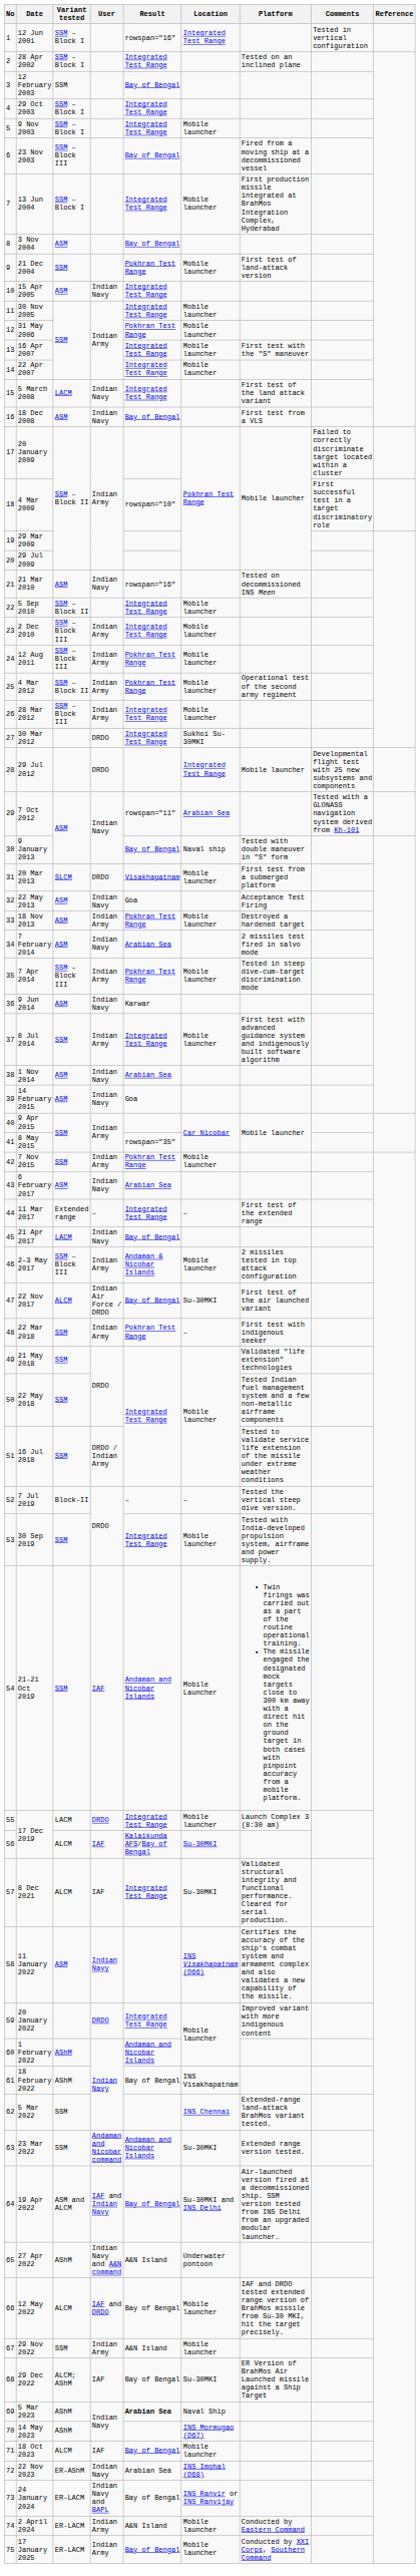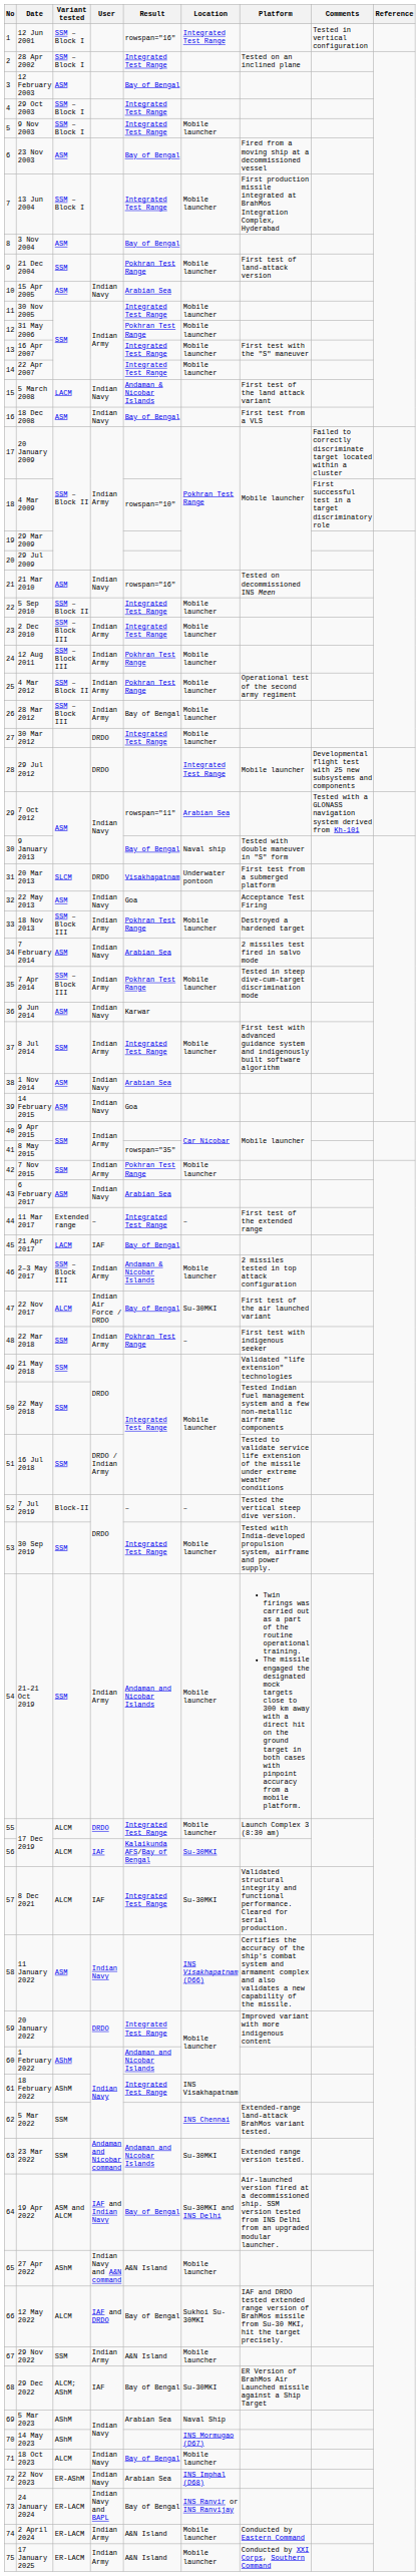 <table class="wikitable collapsible autocollapse">
 <tr>
 <th>No</th>
 <th style=width:7em>Date</th>
 <th style=width:7em>Variant tested</th>
 <th>User</th>
 <th>Result</th>
 <th>Location</th>
 <th>Platform</th>
 <th>Comments</th>
 <th>Reference</th>
 </tr>
 <tr>
 <td>1</td>
 <td>12 Jun 2001</td>
 <td><a href='#'>SSM</a> – Block I</td>
 <td></td>
 <td>rowspan="16" </td>
 <td><a href='#'>Integrated Test Range</a></td>
 <td></td>
 <td>Tested in vertical configuration</td>
 <td></td>
 </tr>
 <tr>
 <td>2</td>
 <td>28 Apr 2002</td>
 <td><a href='#'>SSM</a> – Block I</td>
 <td></td>
 <td><a href='#'>Integrated Test Range</a></td>
 <td></td>
 <td>Tested on an inclined plane</td>
 <td></td>
 </tr>
 <tr>
 <td>3</td>
 <td>12 February 2003</td>
-<td>SSM</td>
+<td><a href='#'>ASM</a></td>
 <td></td>
 <td><a href='#'>Bay of Bengal</a></td>
 <td></td>
 <td></td>
 <td></td>
 </tr>
 <tr>
 <td>4</td>
 <td>29 Oct 2003</td>
 <td><a href='#'>SSM</a> – Block I</td>
 <td></td>
 <td><a href='#'>Integrated Test Range</a></td>
 <td></td>
 <td></td>
 <td></td>
 </tr>
 <tr>
 <td>5</td>
 <td>9 Nov 2003</td>
 <td><a href='#'>SSM</a> – Block I</td>
 <td></td>
 <td><a href='#'>Integrated Test Range</a></td>
 <td>Mobile launcher</td>
 <td></td>
 <td></td>
 </tr>
 <tr>
 <td>6</td>
 <td>23 Nov 2003</td>
-<td><a href='#'>SSM</a> – Block III</td>
+<td><a href='#'>ASM</a></td>
 <td></td>
 <td><a href='#'>Bay of Bengal</a></td>
 <td></td>
 <td>Fired from a moving ship at a decommissioned vessel</td>
 <td></td>
 </tr>
 <tr>
 <td>7</td>
 <td>13 Jun 2004</td>
 <td><a href='#'>SSM</a> – Block I</td>
 <td></td>
 <td><a href='#'>Integrated Test Range</a></td>
 <td>Mobile launcher</td>
 <td>First production missile integrated at BrahMos Integration Complex, Hyderabad</td>
 <td></td>
 </tr>
 <tr>
 <td>8</td>
 <td>3 Nov 2004</td>
 <td><a href='#'>ASM</a></td>
 <td></td>
 <td><a href='#'>Bay of Bengal</a></td>
 <td></td>
 <td></td>
 <td></td>
 </tr>
 <tr>
 <td>9</td>
 <td>21 Dec 2004</td>
 <td><a href='#'>SSM</a></td>
 <td></td>
 <td><a href='#'>Pokhran Test Range</a></td>
 <td>Mobile launcher</td>
 <td>First test of land-attack version</td>
 <td></td>
 </tr>
 <tr>
 <td>10</td>
 <td>15 Apr 2005</td>
 <td><a href='#'>ASM</a></td>
 <td>Indian Navy</td>
-<td><a href='#'>Integrated Test Range</a></td>
+<td><a href='#'>Arabian Sea</a></td>
 <td></td>
 <td></td>
 <td></td>
 </tr>
 <tr>
 <td>11</td>
 <td>30 Nov 2005</td>
 <td rowspan="4"><a href='#'>SSM</a></td>
 <td rowspan="4">Indian Army</td>
 <td><a href='#'>Integrated Test Range</a></td>
 <td>Mobile launcher</td>
 <td></td>
 <td></td>
 </tr>
 <tr>
 <td>12</td>
 <td>31 May 2006</td>
 <td><a href='#'>Pokhran Test Range</a></td>
 <td>Mobile launcher</td>
 <td></td>
 <td></td>
 </tr>
 <tr>
 <td>13</td>
 <td>16 Apr 2007</td>
 <td><a href='#'>Integrated Test Range</a></td>
 <td>Mobile launcher</td>
 <td>First test with the "S" maneuver</td>
 <td></td>
 </tr>
 <tr>
 <td>14</td>
 <td>22 Apr 2007</td>
 <td><a href='#'>Integrated Test Range</a></td>
 <td>Mobile launcher</td>
 <td></td>
 <td></td>
 </tr>
 <tr>
 <td>15</td>
 <td>5 March 2008</td>
 <td><a href='#'>LACM</a></td>
 <td>Indian Navy</td>
-<td><a href='#'>Integrated Test Range</a></td>
+<td><a href='#'>Andaman & Nicobar Islands</a></td>
 <td></td>
 <td>First test of the land attack variant</td>
 <td></td>
 </tr>
 <tr>
 <td>16</td>
 <td>18 Dec 2008</td>
 <td><a href='#'>ASM</a></td>
 <td>Indian Navy</td>
 <td><a href='#'>Bay of Bengal</a></td>
 <td></td>
 <td>First test from a VLS</td>
 <td></td>
 </tr>
 <tr>
 <td>17</td>
 <td>20 January 2009</td>
 <td rowspan="4"><a href='#'>SSM</a> – Block II</td>
 <td rowspan="4">Indian Army</td>
 <td></td>
 <td rowspan="4"><a href='#'>Pokhran Test Range</a></td>
 <td rowspan="4">Mobile launcher</td>
 <td>Failed to correctly discriminate target located within a cluster</td>
 <td></td>
 </tr>
 <tr>
 <td>18</td>
 <td>4 Mar 2009</td>
 <td>rowspan="10" </td>
 <td>First successful test in a target discriminatory role</td>
 <td></td>
 </tr>
 <tr>
 <td>19</td>
 <td>29 Mar 2009</td>
 <td></td>
 <td></td>
 </tr>
 <tr>
 <td>20</td>
 <td>29 Jul 2009</td>
 <td></td>
 <td></td>
 </tr>
 <tr>
 <td>21</td>
 <td>21 Mar 2010</td>
 <td><a href='#'>ASM</a></td>
 <td>Indian Navy</td>
 <td>rowspan="16" </td>
 <td></td>
 <td>Tested on decommissioned INS <em>Meen</em></td>
 <td></td>
 </tr>
 <tr>
 <td>22</td>
 <td>5 Sep 2010</td>
 <td><a href='#'>SSM</a> – Block II</td>
 <td></td>
 <td><a href='#'>Integrated Test Range</a></td>
 <td>Mobile launcher</td>
 <td></td>
 <td></td>
 </tr>
 <tr>
 <td>23</td>
 <td>2 Dec 2010</td>
 <td><a href='#'>SSM</a> – Block III</td>
 <td>Indian Army</td>
 <td><a href='#'>Integrated Test Range</a></td>
 <td>Mobile launcher</td>
 <td></td>
 <td></td>
 </tr>
 <tr>
 <td>24</td>
 <td>12 Aug 2011</td>
 <td><a href='#'>SSM</a> – Block III</td>
 <td>Indian Army</td>
 <td><a href='#'>Pokhran Test Range</a></td>
 <td>Mobile launcher</td>
 <td></td>
 <td></td>
 </tr>
 <tr>
 <td>25</td>
 <td>4 Mar 2012</td>
 <td><a href='#'>SSM</a> – Block II</td>
 <td>Indian Army</td>
 <td><a href='#'>Pokhran Test Range</a></td>
 <td>Mobile launcher</td>
 <td>Operational test of the second army regiment</td>
 <td></td>
 </tr>
 <tr>
 <td>26</td>
 <td>28 Mar 2012</td>
 <td><a href='#'>SSM</a> – Block III</td>
 <td>Indian Army</td>
-<td><a href='#'>Integrated Test Range</a></td>
+<td>Bay of Bengal</td>
 <td>Mobile launcher</td>
 <td></td>
 <td></td>
 </tr>
 <tr>
 <td>27</td>
 <td>30 Mar 2012</td>
 <td></td>
 <td>DRDO</td>
 <td><a href='#'>Integrated Test Range</a></td>
-<td>Sukhoi Su-30MKI</td>
+<td>Mobile launcher</td>
 <td></td>
 <td></td>
 </tr>
 <tr>
 <td>28</td>
 <td>29 Jul 2012</td>
 <td></td>
 <td>DRDO</td>
 <td></td>
 <td><a href='#'>Integrated Test Range</a></td>
 <td>Mobile launcher</td>
 <td>Developmental flight test with 25 new subsystems and components</td>
 <td></td>
 </tr>
 <tr>
 <td>29</td>
 <td>7 Oct 2012</td>
 <td rowspan="2"><a href='#'>ASM</a></td>
 <td rowspan="2">Indian Navy</td>
 <td>rowspan="11" </td>
 <td><a href='#'>Arabian Sea</a></td>
 <td></td>
 <td>Tested with a GLONASS navigation system derived from <a href='#'>Kh-101</a></td>
 <td></td>
 </tr>
 <tr>
 <td>30</td>
 <td>9 January 2013</td>
 <td><a href='#'>Bay of Bengal</a></td>
 <td>Naval ship</td>
 <td>Tested with double maneuver in "S" form</td>
 <td></td>
 </tr>
 <tr>
 <td>31</td>
 <td>20 Mar 2013</td>
 <td><a href='#'>SLCM</a></td>
 <td>DRDO</td>
 <td><a href='#'>Visakhapatnam</a></td>
-<td>Mobile launcher</td>
+<td>Underwater pontoon</td>
 <td>First test from a submerged platform</td>
 <td></td>
 </tr>
 <tr>
 <td>32</td>
 <td>22 May 2013</td>
 <td><a href='#'>ASM</a></td>
 <td>Indian Navy</td>
 <td>Goa</td>
 <td></td>
 <td>Acceptance Test Firing</td>
 <td></td>
 </tr>
 <tr>
 <td>33</td>
 <td>18 Nov 2013</td>
-<td><a href='#'>ASM</a></td>
+<td><a href='#'>SSM</a> – Block III</td>
 <td>Indian Army</td>
 <td><a href='#'>Pokhran Test Range</a></td>
 <td>Mobile launcher</td>
 <td>Destroyed a hardened target</td>
 <td></td>
 </tr>
 <tr>
 <td>34</td>
 <td>7 February 2014</td>
 <td><a href='#'>ASM</a></td>
 <td>Indian Navy</td>
 <td><a href='#'>Arabian Sea</a></td>
 <td></td>
 <td>2 missiles test fired in salvo mode</td>
 <td></td>
 </tr>
 <tr>
 <td>35</td>
 <td>7 Apr 2014</td>
 <td><a href='#'>SSM</a> – Block III</td>
 <td>Indian Army</td>
 <td><a href='#'>Pokhran Test Range</a></td>
 <td>Mobile launcher</td>
 <td>Tested in steep dive-cum-target discrimination mode</td>
 <td></td>
 </tr>
 <tr>
 <td>36</td>
 <td>9 Jun 2014</td>
 <td><a href='#'>ASM</a></td>
 <td>Indian Navy</td>
 <td>Karwar</td>
 <td></td>
 <td></td>
 <td></td>
 </tr>
 <tr>
 <td>37</td>
 <td>8 Jul 2014</td>
 <td><a href='#'>SSM</a></td>
 <td>Indian Army</td>
 <td><a href='#'>Integrated Test Range</a></td>
 <td>Mobile launcher</td>
 <td>First test with advanced guidance system and indigenously built software algorithm</td>
 <td></td>
 </tr>
 <tr>
 <td>38</td>
 <td>1 Nov 2014</td>
 <td><a href='#'>ASM</a></td>
 <td>Indian Navy</td>
 <td><a href='#'>Arabian Sea</a></td>
 <td></td>
 <td></td>
 <td></td>
 </tr>
 <tr>
 <td>39</td>
 <td>14 February 2015</td>
 <td><a href='#'>ASM</a></td>
 <td>Indian Navy</td>
 <td>Goa</td>
 <td></td>
 <td></td>
 <td></td>
 </tr>
 <tr>
 <td>40</td>
 <td>9 Apr 2015</td>
 <td rowspan="2"><a href='#'>SSM</a></td>
 <td rowspan="2">Indian Army</td>
 <td></td>
 <td rowspan="2"><a href='#'>Car Nicobar</a></td>
 <td rowspan="2">Mobile launcher</td>
 <td></td>
 <td rowspan="2"></td>
 </tr>
 <tr>
 <td>41</td>
 <td>8 May 2015</td>
 <td>rowspan="35" </td>
 <td></td>
 </tr>
 <tr>
 <td>42</td>
 <td>7 Nov 2015</td>
 <td><a href='#'>SSM</a></td>
 <td>Indian Army</td>
 <td><a href='#'>Pokhran Test Range</a></td>
 <td>Mobile launcher</td>
 <td></td>
 <td></td>
 </tr>
 <tr>
 <td>43</td>
 <td>6 February 2017</td>
 <td><a href='#'>ASM</a></td>
 <td>Indian Navy</td>
 <td><a href='#'>Arabian Sea</a></td>
 <td></td>
 <td></td>
 <td></td>
 </tr>
 <tr>
 <td>44</td>
 <td>11 Mar 2017</td>
 <td>Extended range</td>
 <td>–</td>
 <td><a href='#'>Integrated Test Range</a></td>
 <td>–</td>
 <td>First test of the extended range</td>
 <td></td>
 </tr>
 <tr>
 <td>45</td>
 <td>21 Apr 2017</td>
 <td><a href='#'>LACM</a></td>
-<td>Indian Navy</td>
+<td>IAF</td>
 <td><a href='#'>Bay of Bengal</a></td>
 <td></td>
 <td></td>
 <td></td>
 </tr>
 <tr>
 <td>46</td>
 <td>2–3 May 2017</td>
 <td><a href='#'>SSM</a> – Block III</td>
 <td>Indian Army</td>
 <td><a href='#'>Andaman & Nicobar Islands</a></td>
 <td>Mobile launcher</td>
 <td>2 missiles tested in top attack configuration</td>
 <td></td>
 </tr>
 <tr>
 <td>47</td>
 <td>22 Nov 2017</td>
 <td><a href='#'>ALCM</a></td>
 <td>Indian Air Force / DRDO</td>
 <td><a href='#'>Bay of Bengal</a></td>
 <td>Su-30MKI</td>
 <td>First test of the air launched variant</td>
 <td></td>
 </tr>
 <tr>
 <td>48</td>
 <td>22 Mar 2018</td>
 <td><a href='#'>SSM</a></td>
 <td>Indian Army</td>
 <td><a href='#'>Pokhran Test Range</a></td>
 <td>–</td>
 <td>First test with indigenous seeker</td>
 <td></td>
 </tr>
 <tr>
 <td>49</td>
 <td>21 May 2018</td>
 <td><a href='#'>SSM</a></td>
 <td rowspan="2">DRDO</td>
 <td rowspan="3"><a href='#'>Integrated Test Range</a></td>
 <td rowspan="3">Mobile launcher</td>
 <td>Validated "life extension" technologies</td>
 <td></td>
 </tr>
 <tr>
 <td>50</td>
 <td>22 May 2018</td>
 <td><a href='#'>SSM</a></td>
 <td>Tested Indian fuel management system and a few non-metallic airframe components</td>
 <td></td>
 </tr>
 <tr>
 <td>51</td>
 <td>16 Jul 2018</td>
 <td><a href='#'>SSM</a></td>
 <td>DRDO / Indian Army</td>
 <td>Tested to validate service life extension of the missile under extreme weather conditions</td>
 <td></td>
 </tr>
 <tr>
 <td>52</td>
 <td>7 Jul 2019</td>
 <td>Block-II</td>
 <td rowspan="2">DRDO</td>
 <td>–</td>
 <td>–</td>
 <td>Tested the vertical steep dive version.</td>
 <td></td>
 </tr>
 <tr>
 <td>53</td>
 <td>30 Sep 2019</td>
 <td><a href='#'>SSM</a></td>
 <td><a href='#'>Integrated Test Range</a></td>
 <td>Mobile launcher</td>
 <td>Tested with India-developed propulsion system, airframe and power supply.</td>
 <td></td>
 </tr>
 <tr>
 <td>54</td>
 <td>21-21 Oct<br>2019</td>
 <td><a href='#'>SSM</a></td>
-<td><a href='#'>IAF</a></td>
+<td>Indian Army</td>
 <td><a href='#'>Andaman and Nicobar Islands</a></td>
-<td>Mobile Launcher</td>
+<td>Mobile launcher</td>
 <td><br><ul><li>Twin firings was carried out as a part of the routine operational training.</li><li>The missile engaged the designated mock targets close to 300 km away with a direct hit on the ground target in both cases with pinpoint accuracy from a mobile platform.</li></ul></td>
 <td></td>
 </tr>
 <tr>
 <td>55</td>
 <td rowspan="2">17 Dec 2019</td>
-<td>LACM</td>
+<td>ALCM</td>
 <td><a href='#'>DRDO</a></td>
 <td><a href='#'>Integrated Test Range</a></td>
 <td>Mobile launcher</td>
 <td>Launch Complex 3 (8:30 am)</td>
 <td rowspan="2"></td>
 </tr>
 <tr>
 <td>56</td>
 <td>ALCM</td>
 <td><a href='#'>IAF</a></td>
 <td><a href='#'>Kalaikunda AFS</a>/<a href='#'>Bay of Bengal</a></td>
 <td><a href='#'>Su-30MKI</a></td>
 <td></td>
 </tr>
 <tr>
 <td>57</td>
 <td>8 Dec 2021</td>
 <td>ALCM</td>
 <td>IAF</td>
 <td><a href='#'>Integrated Test Range</a></td>
 <td>Su-30MKI</td>
 <td>Validated structural integrity and functional performance. Cleared for serial production.</td>
 <td></td>
 </tr>
 <tr>
 <td>58</td>
 <td>11 January 2022</td>
 <td><a href='#'>ASM</a></td>
 <td><a href='#'>Indian Navy</a></td>
 <td></td>
 <td><a href='#'>INS <em>Visakhapatnam</em> (D66)</a></td>
 <td>Certifies the accuracy of the ship's combat system and armament complex and also validates a new capability of the missile.</td>
 <td></td>
 </tr>
 <tr>
 <td>59</td>
 <td>20 January 2022</td>
 <td></td>
 <td><a href='#'>DRDO</a></td>
 <td><a href='#'>Integrated Test Range</a></td>
 <td rowspan="2">Mobile launcher</td>
 <td>Improved variant with more indigenous content</td>
 <td></td>
 </tr>
 <tr>
 <td>60</td>
 <td>1 February 2022</td>
 <td><a href='#'>AShM</a></td>
 <td rowspan="3"><a href='#'>Indian Navy</a></td>
 <td><a href='#'>Andaman and Nicobar Islands</a></td>
 <td></td>
 <td></td>
 </tr>
 <tr>
 <td>61</td>
 <td>18 February 2022</td>
 <td>AShM</td>
-<td>Bay of Bengal</td>
+<td><a href='#'>Integrated Test Range</a></td>
 <td>INS Visakhapatnam</td>
 <td></td>
 <td></td>
 </tr>
 <tr>
 <td>62</td>
 <td>5 Mar 2022</td>
 <td>SSM</td>
 <td></td>
 <td><a href='#'>INS Chennai</a></td>
 <td>Extended-range land-attack BrahMos variant tested.</td>
 <td></td>
 </tr>
 <tr>
 <td>63</td>
 <td>23 Mar 2022</td>
 <td>SSM</td>
 <td><a href='#'>Andaman and Nicobar command</a></td>
 <td><a href='#'>Andaman and Nicobar Islands</a></td>
 <td>Su-30MKI</td>
 <td>Extended range version tested.</td>
 <td></td>
 </tr>
 <tr>
 <td>64</td>
 <td>19 Apr 2022</td>
 <td>ASM and ALCM</td>
 <td><a href='#'>IAF</a> and <a href='#'>Indian Navy</a></td>
 <td><a href='#'>Bay of Bengal</a></td>
 <td>Su-30MKI and <a href='#'>INS Delhi</a></td>
 <td>Air-launched version fired at a decommissioned ship. SSM version tested from INS Delhi from an upgraded modular launcher.</td>
 <td></td>
 </tr>
 <tr>
 <td>65</td>
 <td>27 Apr 2022</td>
 <td>AShM</td>
 <td>Indian Navy and <a href='#'>A&N command</a></td>
 <td>A&N Island</td>
-<td>Underwater pontoon</td>
+<td>Mobile launcher</td>
 <td></td>
 <td></td>
 </tr>
 <tr>
 <td>66</td>
 <td>12 May 2022</td>
 <td>ALCM</td>
 <td><a href='#'>IAF</a> and <a href='#'>DRDO</a></td>
 <td>Bay of Bengal</td>
-<td>Mobile launcher</td>
+<td>Sukhoi Su-30MKI</td>
 <td>IAF and DRDO tested extended range version of BrahMos missile from Su-30 MKI, hit the target precisely.</td>
 <td></td>
 </tr>
 <tr>
 <td>67</td>
 <td>29 Nov 2022</td>
 <td>SSM</td>
 <td>Indian Army</td>
 <td>A&N Island</td>
 <td>Mobile launcher</td>
 <td></td>
 <td></td>
 </tr>
 <tr>
 <td>68</td>
 <td>29 Dec 2022</td>
 <td>ALCM; AShM</td>
 <td>IAF</td>
 <td>Bay of Bengal</td>
 <td>Su-30MKI</td>
 <td>ER Version of BrahMos Air Launched missile against a Ship Target</td>
 <td></td>
 </tr>
 <tr>
 <td>69</td>
 <td>5 Mar 2023</td>
 <td>AShM</td>
 <td rowspan="2">Indian Navy</td>
-<td><strong>Arabian Sea</strong></td>
+<td>Arabian Sea</td>
 <td>Naval Ship</td>
 <td></td>
 <td></td>
 </tr>
 <tr>
 <td>70</td>
 <td>14 May 2023</td>
 <td>AShM</td>
 <td></td>
 <td><a href='#'>INS Mormugao (D67)</a></td>
 <td></td>
 <td></td>
 </tr>
 <tr>
 <td>71</td>
 <td>18 Oct 2023</td>
 <td>ALCM</td>
-<td>IAF</td>
+<td>Indian Navy</td>
 <td><a href='#'>Bay of Bengal</a></td>
 <td>Mobile launcher</td>
 <td></td>
 <td></td>
 </tr>
 <tr>
 <td>72</td>
 <td>22 Nov 2023</td>
 <td>ER-AShM</td>
 <td>Indian Navy</td>
 <td>Arabian Sea</td>
 <td><a href='#'>INS Imphal (D68)</a></td>
 <td></td>
 <td></td>
 </tr>
 <tr>
 <td>73</td>
 <td>24 January 2024</td>
 <td>ER-LACM</td>
 <td>Indian Navy and <a href='#'>BAPL</a></td>
 <td>Bay of Bengal</td>
 <td><a href='#'>INS Ranvir</a> or <a href='#'>INS Ranvijay</a></td>
 <td></td>
 <td></td>
 </tr>
 <tr>
 <td>74</td>
 <td>2 April 2024</td>
 <td>ER-LACM</td>
 <td>Indian Army</td>
 <td>A&N Island</td>
 <td>Mobile launcher</td>
 <td>Conducted by <a href='#'>Eastern Command</a></td>
 <td></td>
 </tr>
 <tr>
 <td>75</td>
 <td>17 January 2025</td>
 <td>ER-LACM</td>
 <td>Indian Army</td>
-<td><a href='#'>Bay of Bengal</a></td>
+<td>A&N Island</td>
 <td>Mobile launcher</td>
 <td>Conducted by <a href='#'>XXI Corps</a>, <a href='#'>Southern Command</a></td>
 <td></td>
 </tr>
 </table>
